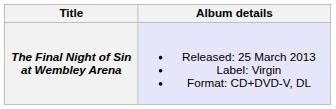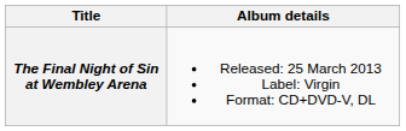 <table class="wikitable plainrowheaders" style="text-align:center;">
 <tr>
 <th scope="col" style="width:11em;">Title</th>
 <th scope="col" style="width:16em;">Album details</th>
 </tr>
 <tr>
 <th scope="row"><em>The Final Night of Sin at Wembley Arena</em></th>
-<td style="background: lavender;"><br><ul><li>Released: 25 March 2013</li><li>Label: Virgin</li><li>Format: CD+DVD-V, DL</li></ul></td>
+<td><br><ul><li>Released: 25 March 2013</li><li>Label: Virgin</li><li>Format: CD+DVD-V, DL</li></ul></td>
 </tr>
 </table>
